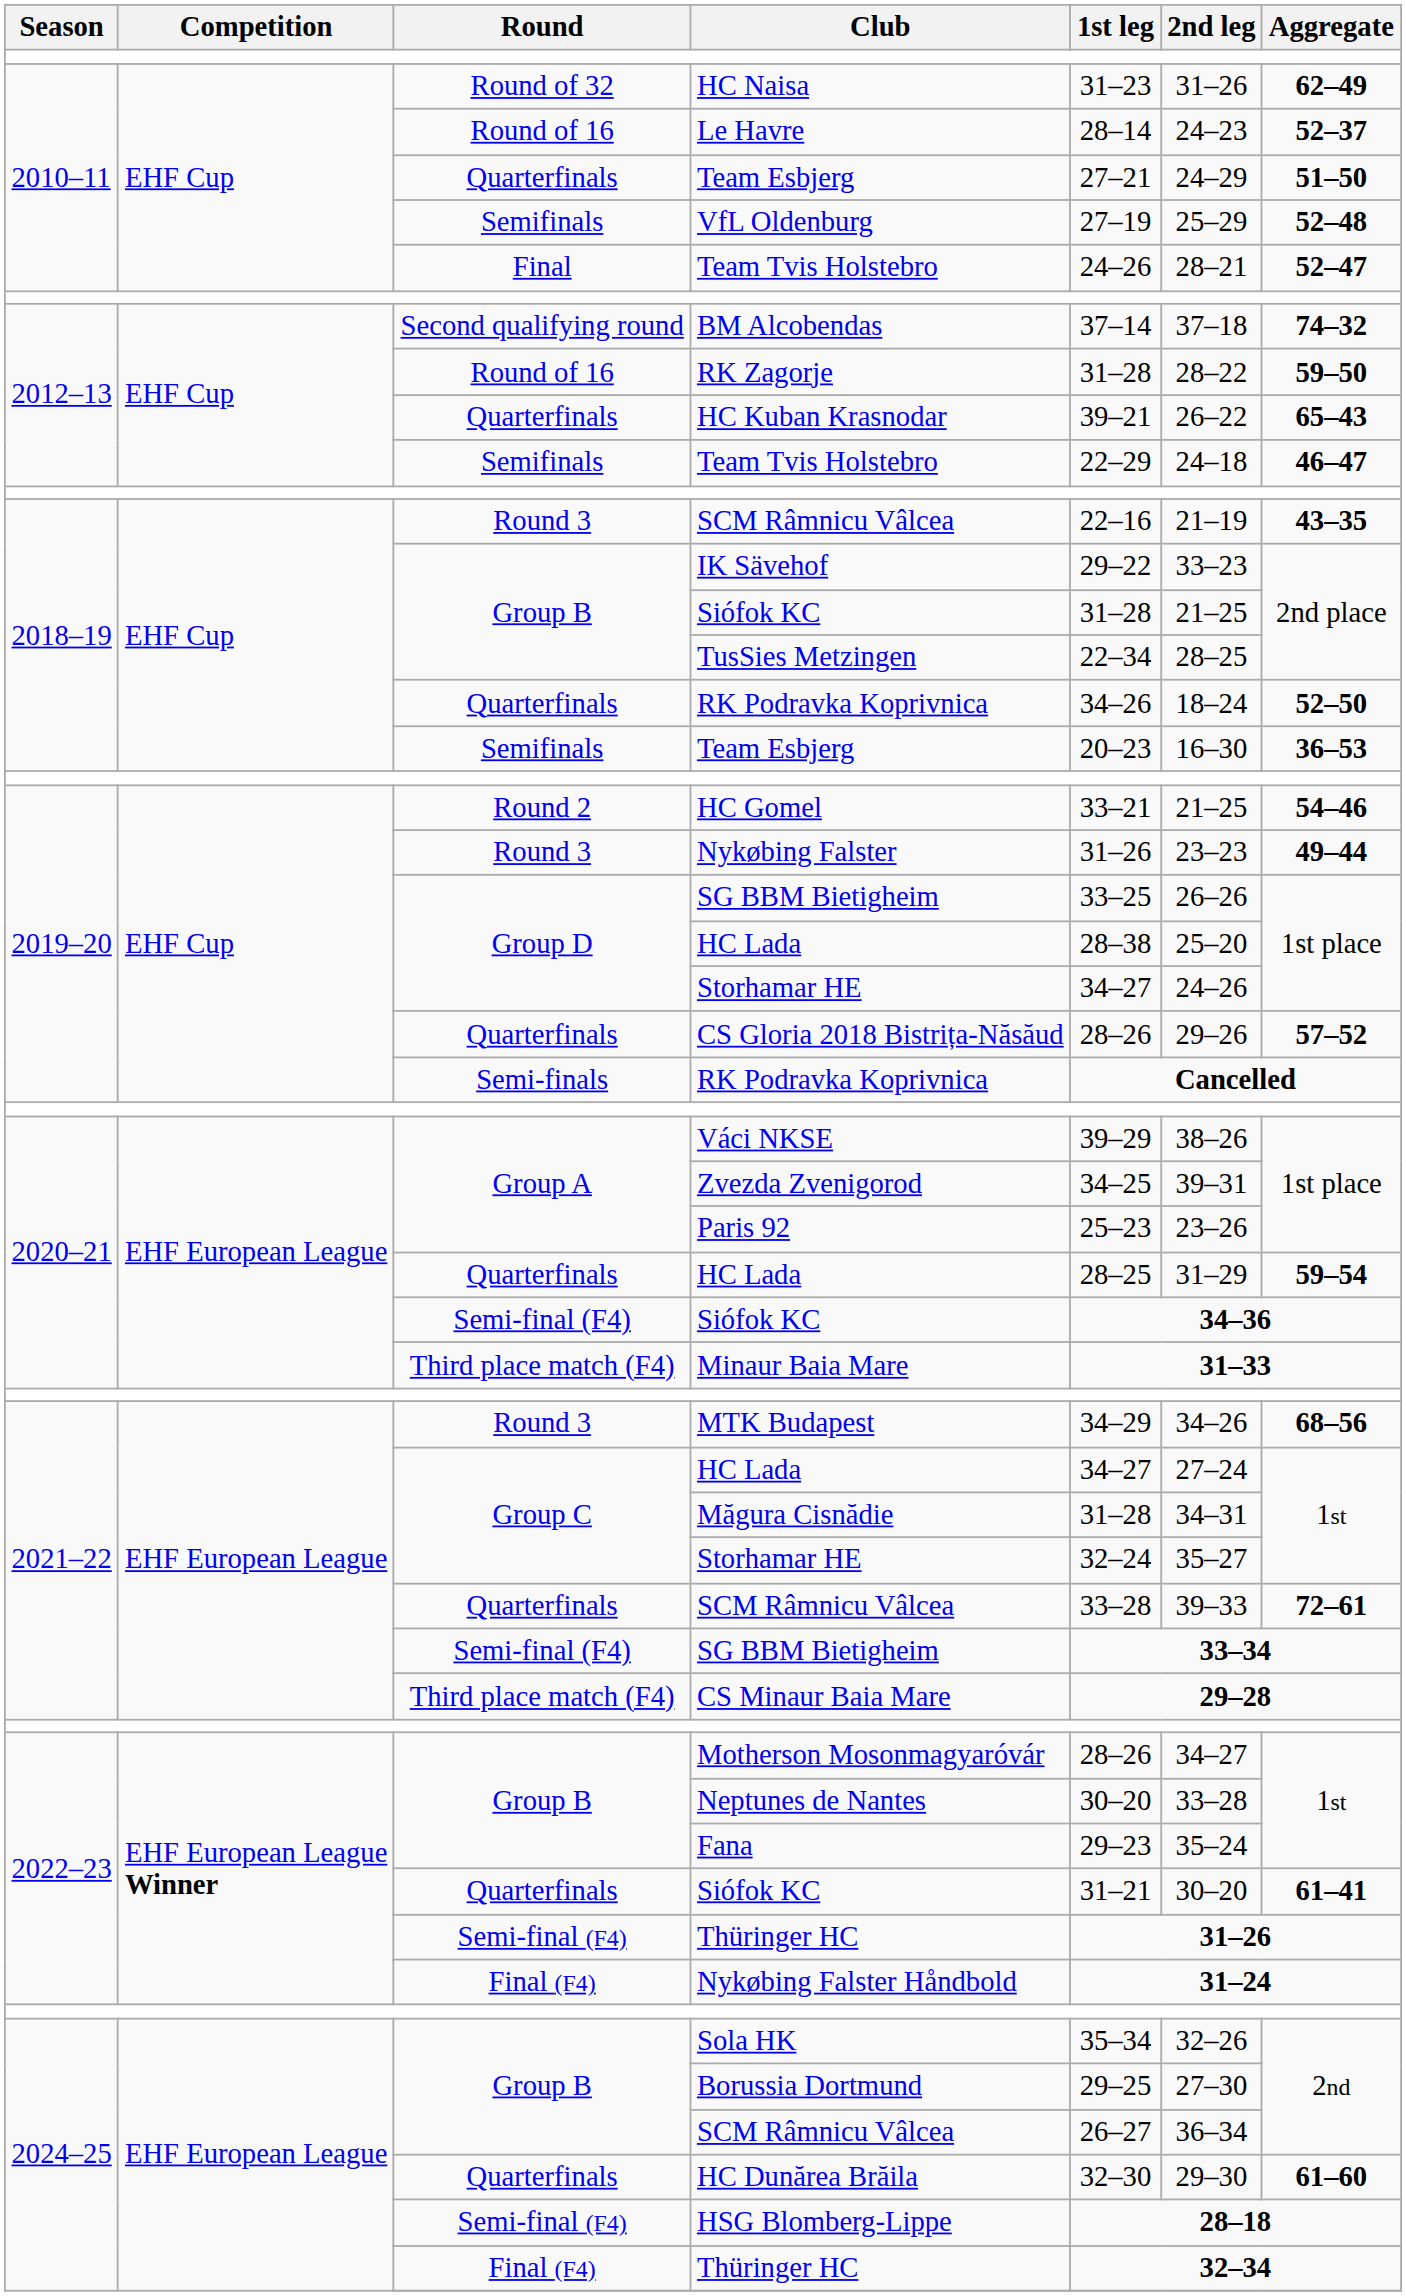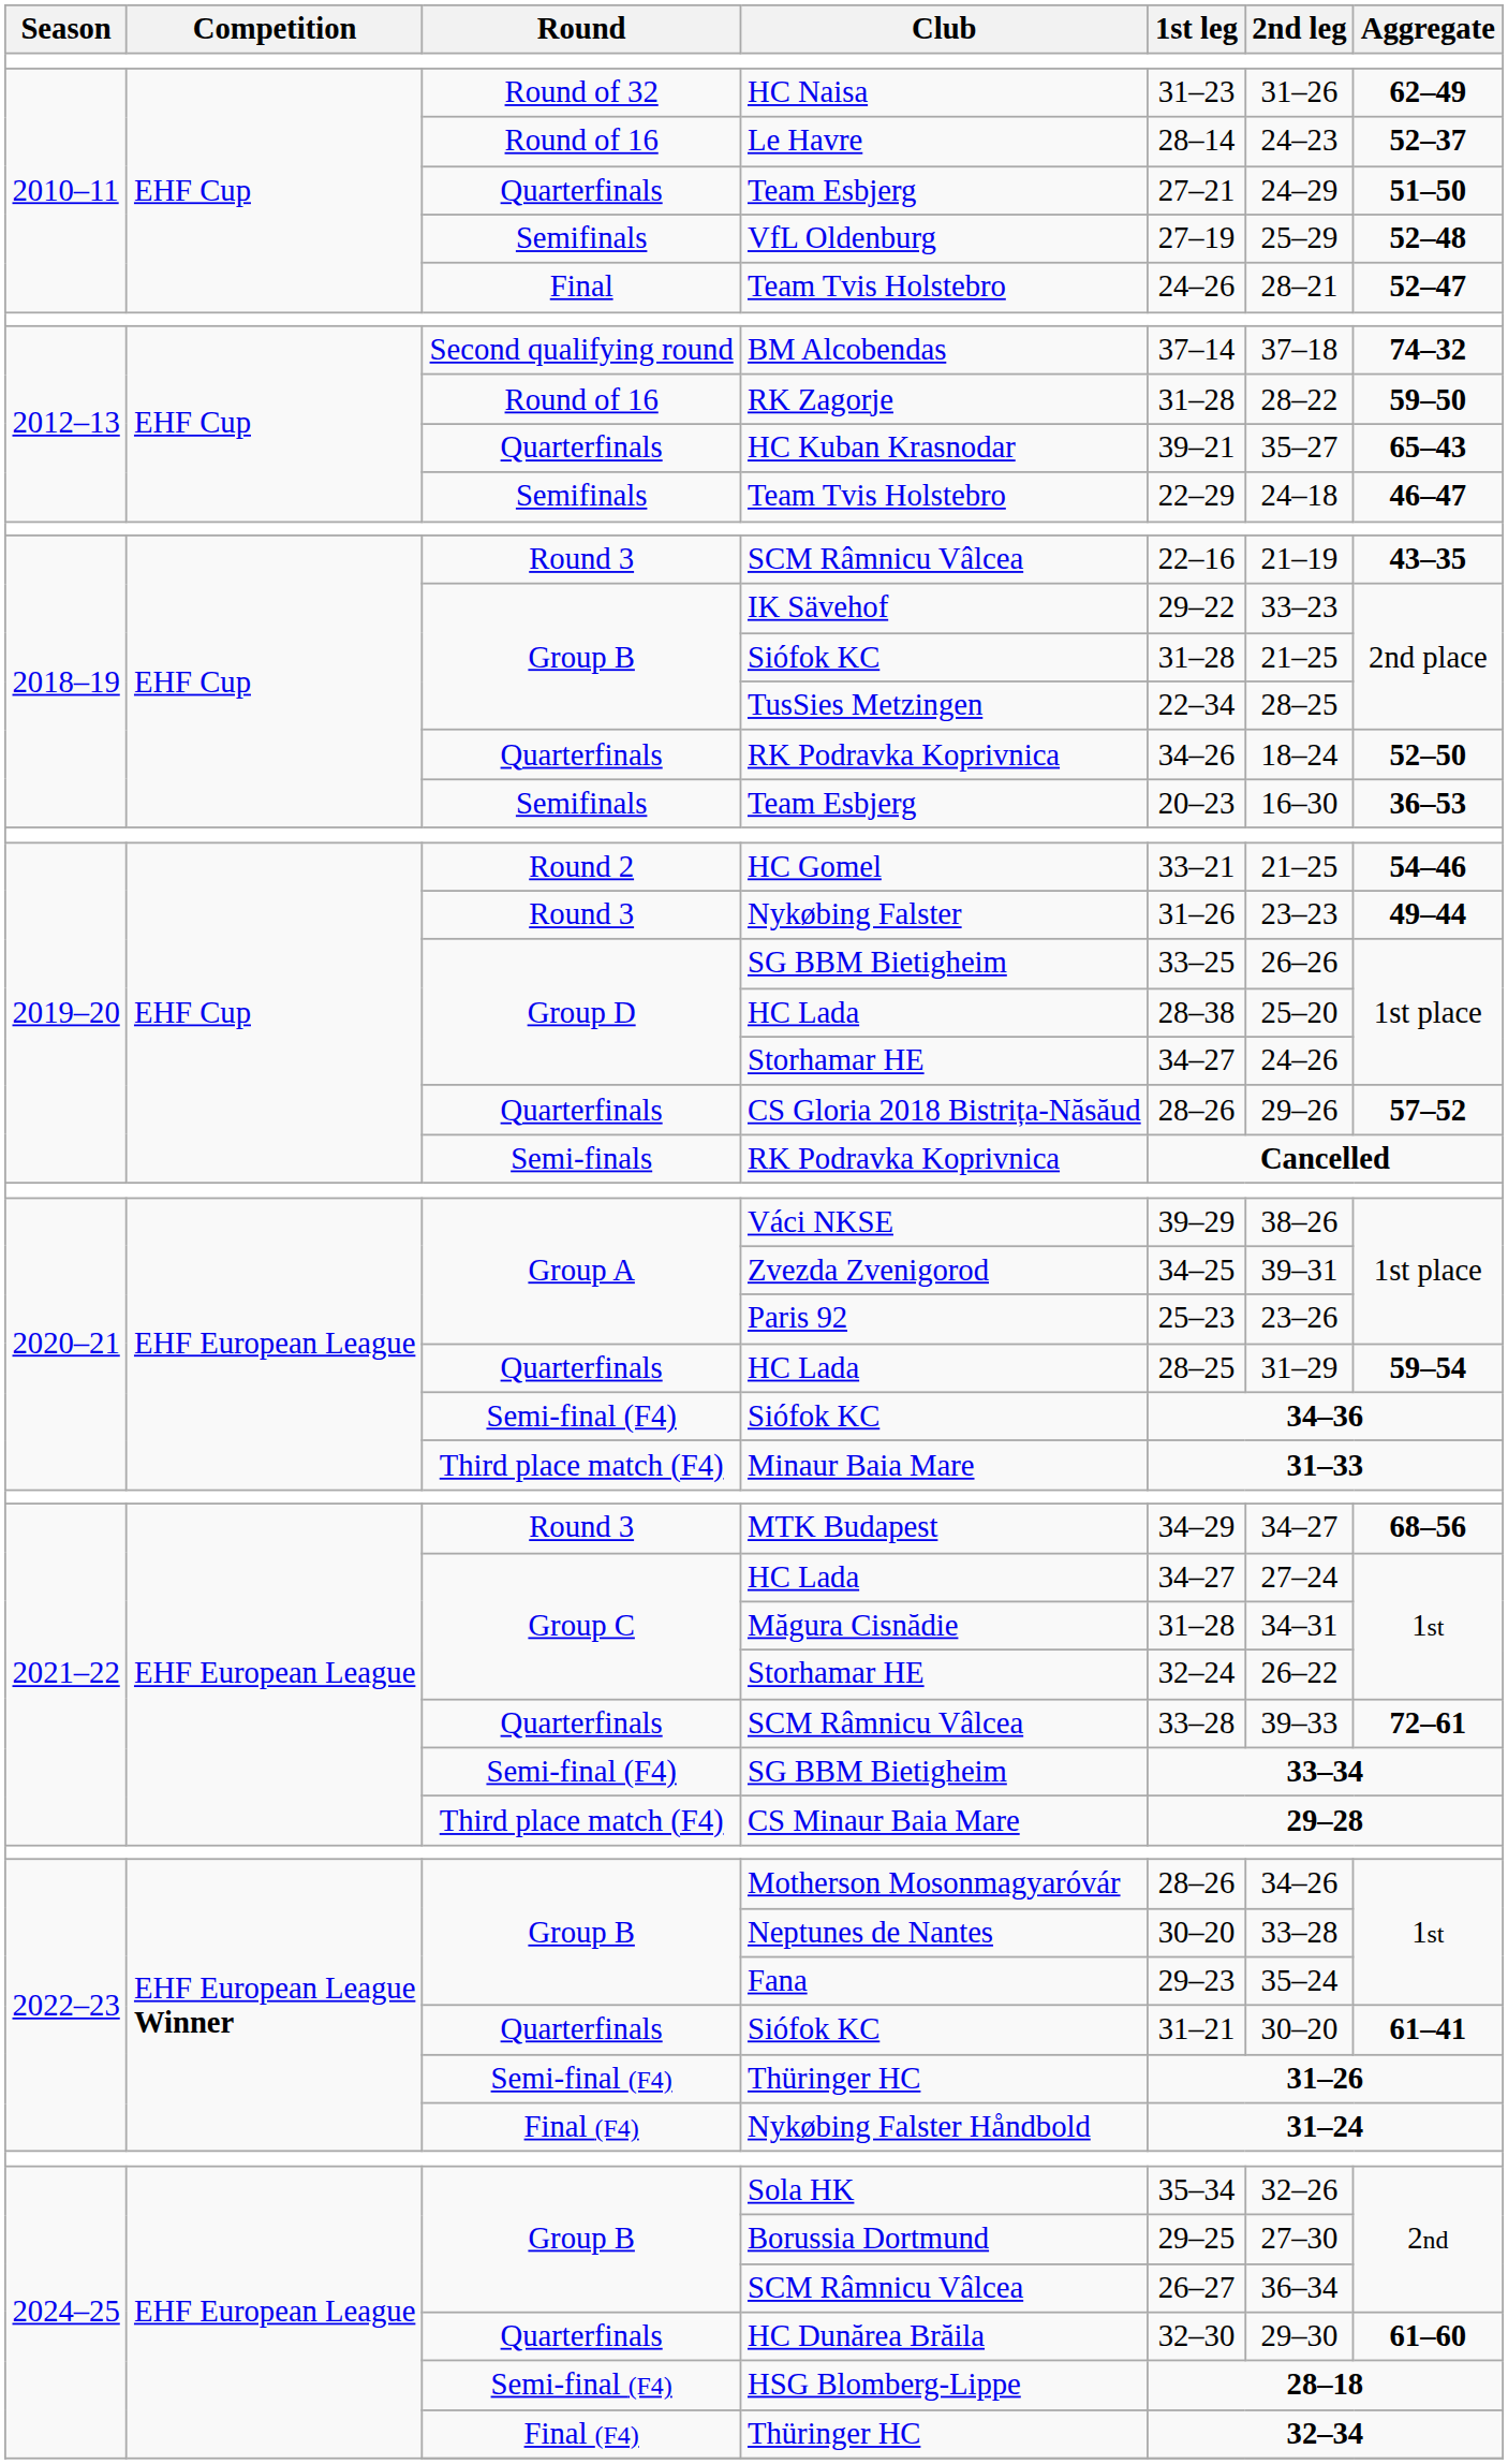 <table class="wikitable">
 <tr>
 <th>Season</th>
 <th>Competition</th>
 <th>Round</th>
 <th>Club</th>
 <th>1st leg</th>
 <th>2nd leg</th>
 <th>Aggregate</th>
 </tr>
 <tr>
 <td colspan="7" bgcolor=white></td>
 </tr>
 <tr>
 <td rowspan="5"><a href='#'>2010–11</a></td>
 <td rowspan="5"><a href='#'>EHF Cup</a></td>
 <td style="text-align:center;"><a href='#'>Round of 32</a></td>
 <td> <a href='#'>HC Naisa</a></td>
 <td style="text-align:center;">31–23</td>
 <td style="text-align:center;">31–26</td>
 <td style="text-align:center;"><strong>62–49</strong></td>
 </tr>
 <tr>
 <td style="text-align:center;"><a href='#'>Round of 16</a></td>
 <td> <a href='#'>Le Havre</a></td>
 <td style="text-align:center;">28–14</td>
 <td style="text-align:center;">24–23</td>
 <td style="text-align:center;"><strong>52–37</strong></td>
 </tr>
 <tr>
 <td style="text-align:center;"><a href='#'>Quarterfinals</a></td>
 <td> <a href='#'>Team Esbjerg</a></td>
 <td style="text-align:center;">27–21</td>
 <td style="text-align:center;">24–29</td>
 <td style="text-align:center;"><strong>51–50</strong></td>
 </tr>
 <tr>
 <td style="text-align:center;"><a href='#'>Semifinals</a></td>
 <td> <a href='#'>VfL Oldenburg</a></td>
 <td style="text-align:center;">27–19</td>
 <td style="text-align:center;">25–29</td>
 <td style="text-align:center;"><strong>52–48</strong></td>
 </tr>
 <tr>
 <td style="text-align:center;"><a href='#'>Final</a></td>
 <td> <a href='#'>Team Tvis Holstebro</a></td>
 <td style="text-align:center;">24–26</td>
 <td style="text-align:center;">28–21</td>
 <td style="text-align:center;"><strong>52–47</strong></td>
 </tr>
 <tr>
 <td colspan="7" bgcolor=white></td>
 </tr>
 <tr>
 <td rowspan="4"><a href='#'>2012–13</a></td>
 <td rowspan="4"><a href='#'>EHF Cup</a></td>
 <td style="text-align:center;"><a href='#'>Second qualifying round</a></td>
 <td> <a href='#'>BM Alcobendas</a></td>
 <td style="text-align:center;">37–14</td>
 <td style="text-align:center;">37–18</td>
 <td style="text-align:center;"><strong>74–32</strong></td>
 </tr>
 <tr>
 <td style="text-align:center;"><a href='#'>Round of 16</a></td>
 <td> <a href='#'>RK Zagorje</a></td>
 <td style="text-align:center;">31–28</td>
 <td style="text-align:center;">28–22</td>
 <td style="text-align:center;"><strong>59–50</strong></td>
 </tr>
 <tr>
 <td style="text-align:center;"><a href='#'>Quarterfinals</a></td>
 <td> <a href='#'>HC Kuban Krasnodar</a></td>
 <td style="text-align:center;">39–21</td>
-<td style="text-align:center;">26–22</td>
+<td style="text-align:center;">35–27</td>
 <td style="text-align:center;"><strong>65–43</strong></td>
 </tr>
 <tr>
 <td style="text-align:center;"><a href='#'>Semifinals</a></td>
 <td> <a href='#'>Team Tvis Holstebro</a></td>
 <td style="text-align:center;">22–29</td>
 <td style="text-align:center;">24–18</td>
 <td style="text-align:center;"><strong>46–47</strong></td>
 </tr>
 <tr>
 <td colspan="7" bgcolor=white></td>
 </tr>
 <tr>
 <td rowspan="6"><a href='#'>2018–19</a></td>
 <td rowspan="6"><a href='#'>EHF Cup</a></td>
 <td style="text-align:center;"><a href='#'>Round 3</a></td>
 <td> <a href='#'>SCM Râmnicu Vâlcea</a></td>
 <td style="text-align:center;">22–16</td>
 <td style="text-align:center;">21–19</td>
 <td style="text-align:center;"><strong>43–35</strong></td>
 </tr>
 <tr>
 <td rowspan="3" style="text-align:center;"><a href='#'>Group B</a></td>
 <td> <a href='#'>IK Sävehof</a></td>
 <td style="text-align:center;">29–22</td>
 <td style="text-align:center;">33–23</td>
 <td rowspan="3" style="text-align:center;">2nd place</td>
 </tr>
 <tr>
 <td> <a href='#'>Siófok KC</a></td>
 <td style="text-align:center;">31–28</td>
 <td style="text-align:center;">21–25</td>
 </tr>
 <tr>
 <td> <a href='#'>TusSies Metzingen</a></td>
 <td style="text-align:center;">22–34</td>
 <td style="text-align:center;">28–25</td>
 </tr>
 <tr>
 <td style="text-align:center;"><a href='#'>Quarterfinals</a></td>
 <td> <a href='#'>RK Podravka Koprivnica</a></td>
 <td style="text-align:center;">34–26</td>
 <td style="text-align:center;">18–24</td>
 <td style="text-align:center;"><strong>52–50</strong></td>
 </tr>
 <tr>
 <td style="text-align:center;"><a href='#'>Semifinals</a></td>
 <td> <a href='#'>Team Esbjerg</a></td>
 <td style="text-align:center;">20–23</td>
 <td style="text-align:center;">16–30</td>
 <td style="text-align:center;"><strong>36–53</strong></td>
 </tr>
 <tr>
 <td colspan="7" bgcolor=white></td>
 </tr>
 <tr>
 <td rowspan="7"><a href='#'>2019–20</a></td>
 <td rowspan="7"><a href='#'>EHF Cup</a></td>
 <td style="text-align:center;"><a href='#'>Round 2</a></td>
 <td> <a href='#'>HC Gomel</a></td>
 <td style="text-align:center;">33–21</td>
 <td style="text-align:center;">21–25</td>
 <td style="text-align:center;"><strong>54–46</strong></td>
 </tr>
 <tr>
 <td style="text-align:center;"><a href='#'>Round 3</a></td>
 <td> <a href='#'>Nykøbing Falster</a></td>
 <td style="text-align:center;">31–26</td>
 <td style="text-align:center;">23–23</td>
 <td style="text-align:center;"><strong>49–44</strong></td>
 </tr>
 <tr>
 <td rowspan="3" style="text-align:center;"><a href='#'>Group D</a></td>
 <td> <a href='#'>SG BBM Bietigheim</a></td>
 <td style="text-align:center;">33–25</td>
 <td style="text-align:center;">26–26</td>
 <td rowspan="3" style="text-align:center;">1st place</td>
 </tr>
 <tr>
 <td> <a href='#'>HC Lada</a></td>
 <td style="text-align:center;">28–38</td>
 <td style="text-align:center;">25–20</td>
 </tr>
 <tr>
 <td> <a href='#'>Storhamar HE</a></td>
 <td style="text-align:center;">34–27</td>
 <td style="text-align:center;">24–26</td>
 </tr>
 <tr>
 <td style="text-align:center;"><a href='#'>Quarterfinals</a></td>
 <td> <a href='#'>CS Gloria 2018 Bistrița-Năsăud</a></td>
 <td style="text-align:center;">28–26</td>
 <td style="text-align:center;">29–26</td>
 <td style="text-align:center;"><strong>57–52</strong></td>
 </tr>
 <tr>
 <td style="text-align:center;"><a href='#'>Semi-finals</a></td>
 <td> <a href='#'>RK Podravka Koprivnica</a></td>
 <td align=center colspan=3><strong>Cancelled</strong></td>
 </tr>
 <tr>
 <td colspan=7 style="text-align: center;" bgcolor=white></td>
 </tr>
 <tr>
 <td rowspan=6><a href='#'>2020–21</a></td>
 <td rowspan=6><a href='#'>EHF European League</a></td>
 <td rowspan=3 style="text-align:center;"><a href='#'>Group A</a></td>
 <td> <a href='#'>Váci NKSE</a></td>
 <td style="text-align:center;">39–29</td>
 <td style="text-align:center;">38–26</td>
 <td align=center rowspan=3>1st place</td>
 </tr>
 <tr>
 <td> <a href='#'>Zvezda Zvenigorod</a></td>
 <td style="text-align:center;">34–25</td>
 <td style="text-align:center;">39–31</td>
 </tr>
 <tr>
 <td> <a href='#'>Paris 92</a></td>
 <td style="text-align:center;">25–23</td>
 <td style="text-align:center;">23–26</td>
 </tr>
 <tr>
 <td style="text-align:center;"><a href='#'>Quarterfinals</a></td>
 <td> <a href='#'>HC Lada</a></td>
 <td style="text-align:center;">28–25</td>
 <td style="text-align:center;">31–29</td>
 <td style="text-align:center;"><strong>59–54</strong></td>
 </tr>
 <tr>
 <td style="text-align:center;"><a href='#'>Semi-final (F4)</a></td>
 <td> <a href='#'>Siófok KC</a></td>
 <td align=center colspan=3><strong>34–36</strong></td>
 </tr>
 <tr>
 <td style="text-align:center;"><a href='#'>Third place match (F4)</a></td>
 <td> <a href='#'>Minaur Baia Mare</a></td>
 <td align=center colspan=3><strong>31–33</strong></td>
 </tr>
 <tr>
 <td colspan=7 style="text-align: center;" bgcolor=white></td>
 </tr>
 <tr>
 <td rowspan=7><a href='#'>2021–22</a></td>
 <td rowspan=7><a href='#'>EHF European League</a></td>
 <td rowspan=1 style="text-align:center;"><a href='#'>Round 3</a></td>
 <td> <a href='#'>MTK Budapest</a></td>
 <td style="text-align:center;">34–29</td>
-<td style="text-align:center;">34–26</td>
+<td style="text-align:center;">34–27</td>
 <td style="text-align:center;"><strong>68–56</strong></td>
 </tr>
 <tr>
 <td rowspan=3 style="text-align:center;"><a href='#'>Group C</a></td>
 <td> <a href='#'>HC Lada</a></td>
 <td style="text-align:center;">34–27</td>
 <td style="text-align:center;">27–24</td>
 <td align=center rowspan=3>1<small>st</small></td>
 </tr>
 <tr>
 <td> <a href='#'>Măgura Cisnădie</a></td>
 <td style="text-align:center;">31–28</td>
 <td style="text-align:center;">34–31</td>
 </tr>
 <tr>
 <td> <a href='#'>Storhamar HE</a></td>
 <td style="text-align:center;">32–24</td>
-<td style="text-align:center;">35–27</td>
+<td style="text-align:center;">26–22</td>
 </tr>
 <tr>
 <td rowspan=1 style="text-align:center;"><a href='#'>Quarterfinals</a></td>
 <td> <a href='#'>SCM Râmnicu Vâlcea</a></td>
 <td style="text-align:center;">33–28</td>
 <td style="text-align:center;">39–33</td>
 <td style="text-align:center;"><strong>72–61</strong></td>
 </tr>
 <tr>
 <td rowspan=1 style="text-align:center;"><a href='#'>Semi-final (F4)</a></td>
 <td> <a href='#'>SG BBM Bietigheim</a></td>
 <td align=center colspan=3><strong>33–34</strong></td>
 </tr>
 <tr>
 <td rowspan=1 style="text-align:center;"><a href='#'>Third place match (F4)</a></td>
 <td> <a href='#'>CS Minaur Baia Mare</a></td>
 <td align=center colspan=3><strong>29–28</strong></td>
 </tr>
 <tr>
 <td colspan=7 style="text-align: center;" bgcolor=white></td>
 </tr>
 <tr>
 <td rowspan=6><a href='#'>2022–23</a></td>
 <td rowspan=6><a href='#'>EHF European League</a><br> <strong>Winner</strong></td>
 <td rowspan=3 style="text-align:center;"><a href='#'>Group B</a></td>
 <td> <a href='#'>Motherson Mosonmagyaróvár</a></td>
 <td style="text-align:center;">28–26</td>
-<td style="text-align:center;">34–27</td>
+<td style="text-align:center;">34–26</td>
 <td align=center rowspan=3>1<small>st</small></td>
 </tr>
 <tr>
 <td> <a href='#'>Neptunes de Nantes</a></td>
 <td style="text-align:center;">30–20</td>
 <td style="text-align:center;">33–28</td>
 </tr>
 <tr>
 <td> <a href='#'>Fana</a></td>
 <td style="text-align:center;">29–23</td>
 <td style="text-align:center;">35–24</td>
 </tr>
 <tr>
 <td style="text-align:center;"><a href='#'>Quarterfinals</a></td>
 <td> <a href='#'>Siófok KC</a></td>
 <td style="text-align:center;">31–21</td>
 <td style="text-align:center;">30–20</td>
 <td style="text-align:center;"><strong>61–41</strong></td>
 </tr>
 <tr>
 <td style="text-align:center;"><a href='#'>Semi-final <small>(F4)</small></a></td>
 <td> <a href='#'>Thüringer HC</a></td>
 <td align=center colspan=3><strong>31–26</strong></td>
 </tr>
 <tr>
 <td style="text-align:center;"><a href='#'>Final <small>(F4)</small></a></td>
 <td> <a href='#'>Nykøbing Falster Håndbold</a></td>
 <td align=center colspan=3><strong>31–24</strong></td>
 </tr>
 <tr>
 <td colspan=7 style="text-align: center;" bgcolor=white></td>
 </tr>
 <tr>
 <td rowspan=7><a href='#'>2024–25</a></td>
 <td rowspan=7><a href='#'>EHF European League</a></td>
 <td rowspan=3 style="text-align:center;"><a href='#'>Group B</a></td>
 <td> <a href='#'>Sola HK</a></td>
 <td style="text-align:center;">35–34</td>
 <td style="text-align:center;">32–26</td>
 <td align=center rowspan=3>2<small>nd</small></td>
 </tr>
 <tr>
 <td> <a href='#'>Borussia Dortmund</a></td>
 <td style="text-align:center;">29–25</td>
 <td style="text-align:center;">27–30</td>
 </tr>
 <tr>
 <td> <a href='#'>SCM Râmnicu Vâlcea</a></td>
 <td style="text-align:center;">26–27</td>
 <td style="text-align:center;">36–34</td>
 </tr>
 <tr>
 <td style="text-align:center;"><a href='#'>Quarterfinals</a></td>
 <td> <a href='#'>HC Dunărea Brăila</a></td>
 <td style="text-align:center;">32–30</td>
 <td style="text-align:center;">29–30</td>
 <td style="text-align:center;"><strong>61–60</strong></td>
 </tr>
 <tr>
 <td style="text-align:center;"><a href='#'>Semi-final <small>(F4)</small></a></td>
 <td> <a href='#'>HSG Blomberg-Lippe</a></td>
 <td align=center colspan=3><strong>28–18</strong></td>
 </tr>
 <tr>
 <td style="text-align:center;"><a href='#'>Final <small>(F4)</small></a></td>
 <td> <a href='#'>Thüringer HC</a></td>
 <td align=center colspan=3><strong>32–34</strong></td>
 </tr>
 <tr>
 </tr>
 </table>
